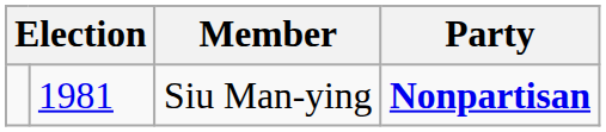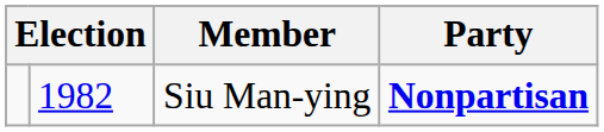 <table class="wikitable">
 <tr>
 <th colspan="2">Election</th>
 <th>Member</th>
 <th>Party</th>
 </tr>
 <tr>
 <td style="background-color: "></td>
-<td><a href='#'>1981</a></td>
+<td><a href='#'>1982</a></td>
 <td>Siu Man-ying</td>
 <td><strong><a href='#'>Nonpartisan</a></strong></td>
 </tr>
 </table>
